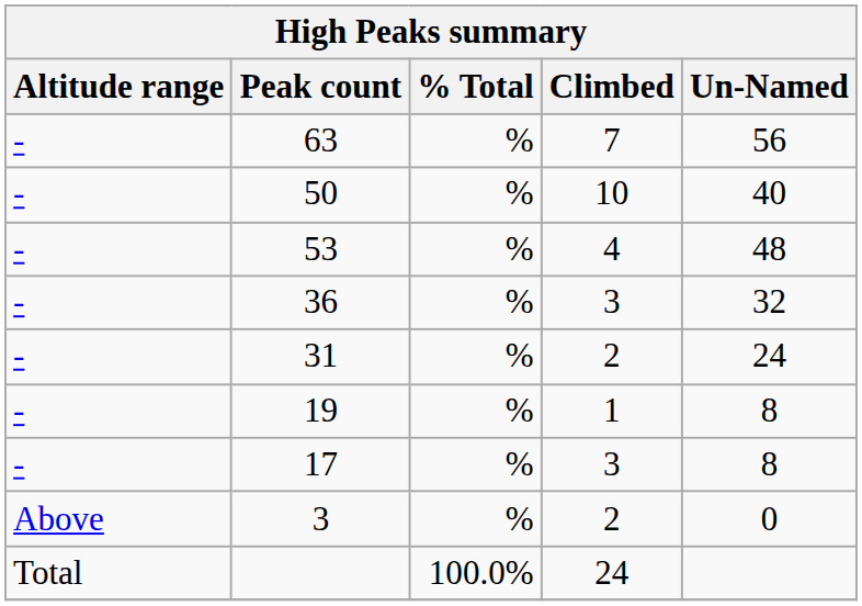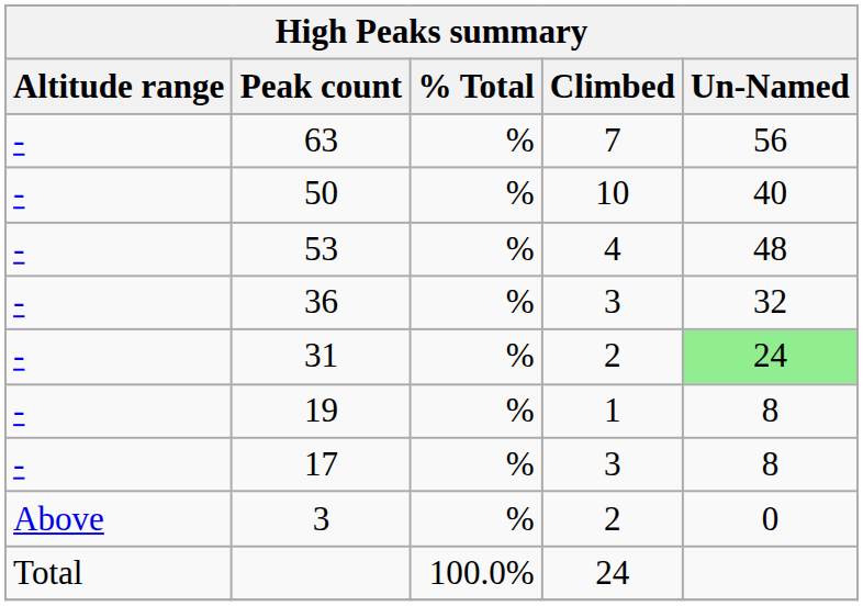 <table class="wikitable">
 <tr>
 <th colspan="5">High Peaks summary</th>
 </tr>
 <tr>
 <th>Altitude range</th>
 <th>Peak count</th>
 <th>% Total</th>
 <th>Climbed</th>
 <th>Un-Named</th>
 </tr>
 <tr>
 <td><a href='#'> - </a></td>
 <td style="text-align:center;">63</td>
 <td style="text-align:right;">%</td>
 <td style="text-align:center;">7</td>
 <td style="text-align:center;">56</td>
 </tr>
 <tr>
 <td><a href='#'> - </a></td>
 <td style="text-align:center;">50</td>
 <td style="text-align:right;">%</td>
 <td style="text-align:center;">10</td>
 <td style="text-align:center;">40</td>
 </tr>
 <tr>
 <td><a href='#'> - </a></td>
 <td style="text-align:center;">53</td>
 <td style="text-align:right;">%</td>
 <td style="text-align:center;">4</td>
 <td style="text-align:center;">48</td>
 </tr>
 <tr>
 <td><a href='#'> - </a></td>
 <td style="text-align:center;">36</td>
 <td style="text-align:right;">%</td>
 <td style="text-align:center;">3</td>
 <td style="text-align:center;">32</td>
 </tr>
 <tr>
 <td><a href='#'> - </a></td>
 <td style="text-align:center;">31</td>
 <td style="text-align:right;">%</td>
 <td style="text-align:center;">2</td>
-<td style="text-align:center;">24</td>
+<td style="background: lightgreen; text-align:center;">24</td>
 </tr>
 <tr>
 <td><a href='#'> - </a></td>
 <td style="text-align:center;">19</td>
 <td style="text-align:right;">%</td>
 <td style="text-align:center;">1</td>
 <td style="text-align:center;">8</td>
 </tr>
 <tr>
 <td><a href='#'> - </a></td>
 <td style="text-align:center;">17</td>
 <td style="text-align:right;">%</td>
 <td style="text-align:center;">3</td>
 <td style="text-align:center;">8</td>
 </tr>
 <tr>
 <td><a href='#'>Above </a></td>
 <td style="text-align:center;">3</td>
 <td style="text-align:right;">%</td>
 <td style="text-align:center;">2</td>
 <td style="text-align:center;">0</td>
 </tr>
 <tr>
 <td>Total</td>
 <td style="text-align:center;"></td>
 <td style="text-align:right;">100.0%</td>
 <td style="text-align:center;">24</td>
 <td style="text-align:center;"></td>
 </tr>
 <tr>
 </tr>
 </table>
